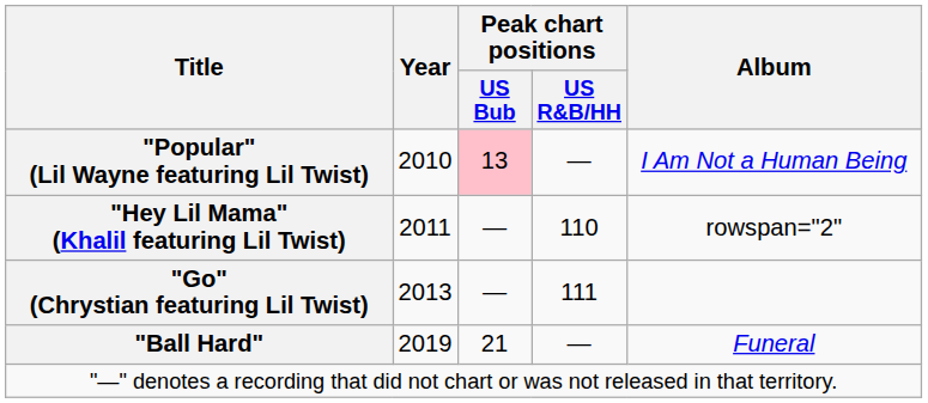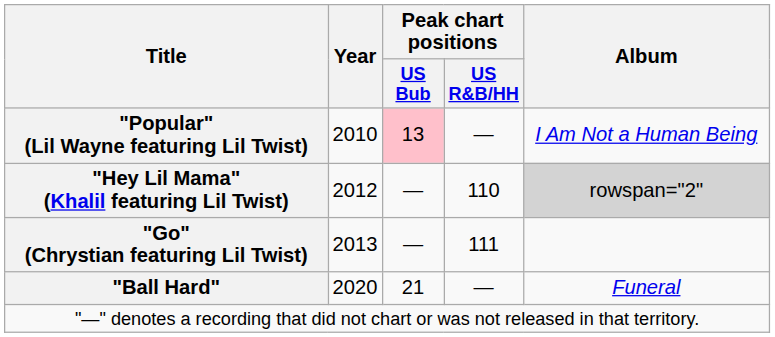 <table class="wikitable plainrowheaders" style="text-align:center;" border="1">
 <tr>
 <th scope="col" rowspan="2" style="width:16em;">Title</th>
 <th scope="col" rowspan="2">Year</th>
 <th scope="col" colspan="2">Peak chart positions</th>
 <th scope="col" rowspan="2" style="width:12em;">Album</th>
 </tr>
 <tr>
 <th scope="col" style="width:3em;font-size:90%;"><a href='#'>US<br> Bub</a><br></th>
 <th scope="col" style="width:3em;font-size:90%;"><a href='#'>US R&B/HH</a></th>
 </tr>
 <tr>
 <th scope="row">"Popular"<br><span>(Lil Wayne featuring Lil Twist)</span></th>
 <td rowspan=1>2010</td>
 <td style="background: pink;">13</td>
 <td>—</td>
 <td rowspan=1><em><a href='#'>I Am Not a Human Being</a></em></td>
 </tr>
 <tr>
 <th scope="row">"Hey Lil Mama"<br><span>(<a href='#'>Khalil</a> featuring Lil Twist)</span></th>
-<td>2011</td>
+<td>2012</td>
 <td>—</td>
 <td>110</td>
-<td>rowspan="2" </td>
+<td style="background: lightgrey;">rowspan="2" </td>
 </tr>
 <tr>
 <th scope="row">"Go"<br><span>(Chrystian featuring Lil Twist)</span></th>
 <td>2013</td>
 <td>—</td>
 <td>111</td>
 </tr>
 <tr>
 <th scope="row">"Ball Hard"<br></th>
-<td>2019</td>
+<td>2020</td>
 <td>21</td>
 <td>—</td>
 <td><em><a href='#'>Funeral</a></em></td>
 </tr>
 <tr>
 <td colspan="8" style="font-size:90%">"—" denotes a recording that did not chart or was not released in that territory.</td>
 </tr>
 </table>
